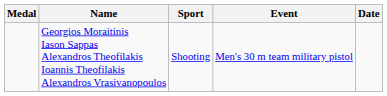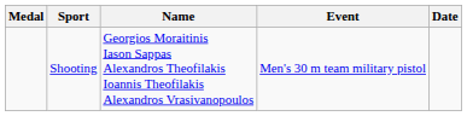 <table class="wikitable sortable" style="font-size:90%">
 <tr>
 <th>Medal</th>
+<th>Sport</th>
 <th>Name</th>
-<th>Sport</th>
 <th>Event</th>
 <th>Date</th>
 </tr>
 <tr>
 <td></td>
+<td><a href='#'>Shooting</a></td>
 <td><a href='#'>Georgios Moraitinis</a><br><a href='#'>Iason Sappas</a><br><a href='#'>Alexandros Theofilakis</a><br><a href='#'>Ioannis Theofilakis</a><br><a href='#'>Alexandros Vrasivanopoulos</a></td>
-<td><a href='#'>Shooting</a></td>
 <td><a href='#'>Men's 30 m team military pistol</a></td>
 <td></td>
 </tr>
 </table>
